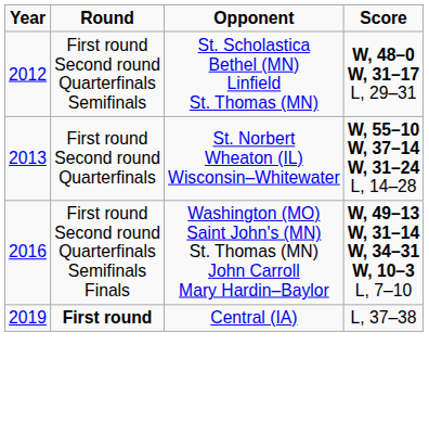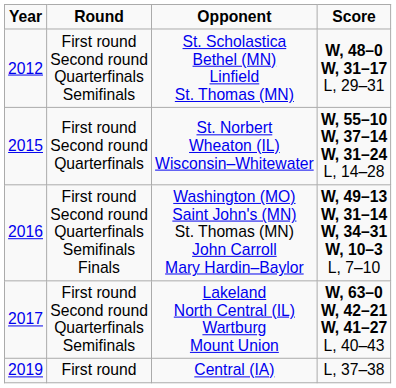 <table class="wikitable" style="text-align:center">
 <tr>
 <td><strong>Year</strong></td>
 <td><strong>Round</strong></td>
 <td><strong>Opponent</strong></td>
 <td><strong>Score</strong></td>
 </tr>
 <tr>
 <td><a href='#'>2012</a></td>
 <td>First round<br>Second round<br>Quarterfinals<br>Semifinals</td>
 <td><a href='#'>St. Scholastica</a><br><a href='#'>Bethel (MN)</a><br><a href='#'>Linfield</a><br><a href='#'>St. Thomas (MN)</a></td>
 <td><strong>W, 48–0</strong><br><strong>W, 31–17</strong><br>L, 29–31</td>
 </tr>
 <tr>
-<td><a href='#'>2013</a></td>
+<td><a href='#'>2015</a></td>
 <td>First round<br>Second round<br>Quarterfinals</td>
 <td><a href='#'>St. Norbert</a><br><a href='#'>Wheaton (IL)</a><br><a href='#'>Wisconsin–Whitewater</a></td>
 <td><strong>W, 55–10</strong><br><strong>W, 37–14</strong><br><strong>W, 31–24 </strong><br>L, 14–28</td>
 </tr>
 <tr>
 <td><a href='#'>2016</a></td>
 <td>First round<br>Second round<br>Quarterfinals<br>Semifinals<br>Finals</td>
 <td><a href='#'>Washington (MO)</a><br><a href='#'>Saint John's (MN)</a><br>St. Thomas (MN)<br><a href='#'>John Carroll</a><br><a href='#'>Mary Hardin–Baylor</a></td>
 <td><strong>W, 49–13</strong><br><strong>W, 31–14</strong><br><strong>W, 34–31</strong><br><strong>W, 10–3</strong><br>L, 7–10</td>
 </tr>
 <tr>
+<td><a href='#'>2017</a></td>
+<td>First round<br>Second round<br>Quarterfinals<br>Semifinals</td>
+<td><a href='#'>Lakeland</a><br><a href='#'>North Central (IL)</a><br><a href='#'>Wartburg</a><br><a href='#'>Mount Union</a></td>
+<td><strong>W, 63–0</strong><br><strong>W, 42–21</strong><br><strong>W, 41–27</strong><br>L, 40–43</td>
+</tr>
+<tr>
 <td><a href='#'>2019</a></td>
-<td><strong>First round</strong></td>
+<td>First round</td>
 <td><a href='#'>Central (IA)</a></td>
 <td>L, 37–38 </td>
 </tr>
 </table>
